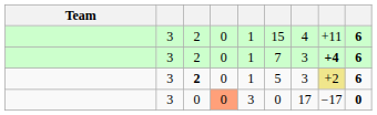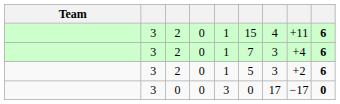 <table class="wikitable" style="text-align: center;">
 <tr>
 <th width=175>Team</th>
 <th width=25></th>
 <th width=25></th>
 <th width=25></th>
 <th width=25></th>
 <th width=25></th>
 <th width=25></th>
 <th width=25></th>
 <th width=25></th>
 </tr>
 <tr bgcolor=ccffcc>
 <td align=left></td>
 <td>3</td>
 <td>2</td>
 <td>0</td>
 <td>1</td>
 <td>15</td>
 <td>4</td>
 <td>+11</td>
 <td><strong>6</strong></td>
 </tr>
 <tr bgcolor=ccffcc>
 <td align=left></td>
 <td>3</td>
 <td>2</td>
 <td>0</td>
 <td>1</td>
 <td>7</td>
 <td>3</td>
-<td><strong>+4</strong></td>
+<td>+4</td>
 <td><strong>6</strong></td>
 </tr>
 <tr>
 <td align=left></td>
 <td>3</td>
-<td><strong>2</strong></td>
+<td>2</td>
 <td>0</td>
 <td>1</td>
 <td>5</td>
 <td>3</td>
-<td style="background: khaki;">+2</td>
+<td>+2</td>
 <td><strong>6</strong></td>
 </tr>
 <tr>
 <td align=left></td>
 <td>3</td>
 <td>0</td>
-<td style="background: lightsalmon;">0</td>
+<td>0</td>
 <td>3</td>
 <td>0</td>
 <td>17</td>
 <td>−17</td>
 <td><strong>0</strong></td>
 </tr>
 </table>
